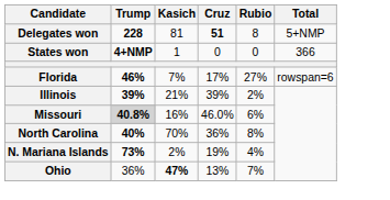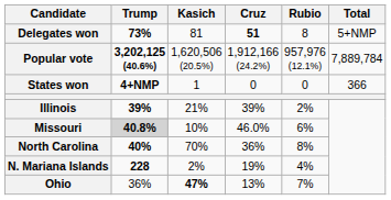 <table class="wikitable" style="font-size:12px; text-align: center;">
 <tr>
 <th>Candidate</th>
 <th><strong>Trump</strong></th>
 <th>Kasich</th>
 <th>Cruz</th>
 <th>Rubio</th>
 <th>Total</th>
 </tr>
 <tr>
 <th scope="row">Delegates won</th>
-<td><strong>228</strong>   </td>
+<td><strong>73%</strong></td>
 <td> 81   </td>
 <td><strong>    51   </strong></td>
 <td>   8   </td>
 <td>5+NMP</td>
+</tr>
+<tr>
+<th scope="row">Popular vote  </th>
+<td><strong>3,202,125<br><small>(40.6%)</small></strong>   </td>
+<td> 1,620,506<br><small>(20.5%)</small>   </td>
+<td>    1,912,166<br><small>(24.2%)</small>   </td>
+<td>   957,976<br><small>(12.1%)</small>   </td>
+<td>7,889,784 </td>
 </tr>
 <tr>
 <th scope="row">States won</th>
 <td><strong>4+NMP</strong> </td>
 <td>1 </td>
 <td>0   </td>
 <td>0   </td>
 <td>366</td>
 </tr>
 <tr>
 <th scope="row" colspan="6"></th>
 </tr>
 <tr>
-<th scope="row">Florida</th>
-<td><strong>46%</strong></td>
-<td>7%</td>
-<td>17%</td>
-<td>27%</td>
-<td>rowspan=6 </td>
-</tr>
-<tr>
 <th scope="row">Illinois</th>
 <td><strong>39%</strong></td>
 <td>21%</td>
 <td>39%</td>
 <td>2%</td>
 </tr>
 <tr>
 <th scope="row">Missouri</th>
 <td style="background: lightgrey;"><strong>40.8%</strong></td>
-<td>16%</td>
+<td>10%</td>
 <td>46.0%</td>
 <td>6%</td>
 </tr>
 <tr>
 <th scope="row">North Carolina</th>
 <td><strong>40%</strong></td>
 <td>70%</td>
 <td>36%</td>
 <td>8%</td>
 </tr>
 <tr>
 <th scope="row">N. Mariana Islands</th>
-<td><strong>73%</strong></td>
+<td><strong>228</strong>   </td>
 <td>2%</td>
 <td>19%</td>
 <td>4%</td>
 </tr>
 <tr>
 <th scope="row">Ohio</th>
 <td>36%</td>
 <td><strong>47%</strong></td>
 <td>13%</td>
 <td>7%</td>
 </tr>
 </table>
